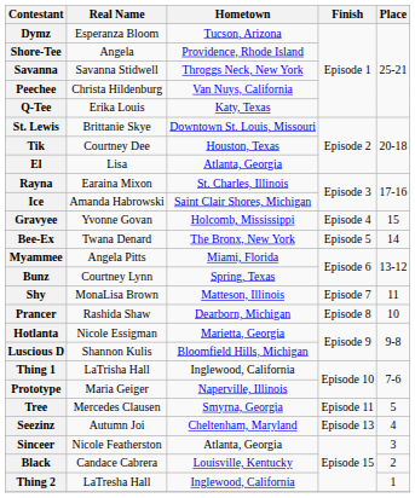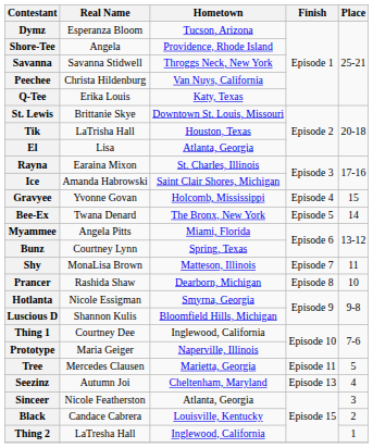 <table class="wikitable sortable" style="text-align:center;">
 <tr>
 <th>Contestant</th>
 <th>Real Name</th>
 <th>Hometown</th>
 <th>Finish</th>
 <th>Place</th>
 </tr>
 <tr>
 <th>Dymz</th>
 <td nowrap>Esperanza Bloom</td>
 <td><a href='#'>Tucson, Arizona</a></td>
 <td rowspan="5">Episode 1</td>
 <td rowspan="5">25-21</td>
 </tr>
 <tr>
 <th>Shore-Tee</th>
 <td>Angela</td>
 <td><a href='#'>Providence, Rhode Island</a></td>
 </tr>
 <tr>
 <th>Savanna</th>
 <td>Savanna Stidwell</td>
 <td><a href='#'>Throggs Neck, New York</a></td>
 </tr>
 <tr>
 <th>Peechee</th>
 <td>Christa Hildenburg</td>
 <td><a href='#'>Van Nuys, California</a></td>
 </tr>
 <tr>
 <th>Q-Tee</th>
 <td>Erika Louis</td>
 <td><a href='#'>Katy, Texas</a></td>
 </tr>
 <tr>
 <th>St. Lewis</th>
 <td>Brittanie Skye</td>
 <td><a href='#'>Downtown St. Louis, Missouri</a></td>
 <td rowspan="3">Episode 2</td>
 <td rowspan="3">20-18</td>
 </tr>
 <tr>
 <th>Tik</th>
-<td>Courtney Dee</td>
+<td>LaTrisha Hall</td>
 <td><a href='#'>Houston, Texas</a></td>
 </tr>
 <tr>
 <th>El</th>
 <td>Lisa</td>
 <td><a href='#'>Atlanta, Georgia</a></td>
 </tr>
 <tr>
 <th>Rayna</th>
 <td>Earaina Mixon</td>
 <td><a href='#'>St. Charles, Illinois</a></td>
 <td rowspan="2">Episode 3</td>
 <td rowspan="2">17-16</td>
 </tr>
 <tr>
 <th>Ice</th>
 <td>Amanda Habrowski</td>
 <td><a href='#'>Saint Clair Shores, Michigan</a></td>
 </tr>
 <tr>
 <th>Gravyee</th>
 <td>Yvonne Govan</td>
 <td><a href='#'>Holcomb, Mississippi</a></td>
 <td>Episode 4</td>
 <td>15</td>
 </tr>
 <tr>
 <th>Bee-Ex</th>
 <td>Twana Denard</td>
 <td><a href='#'>The Bronx, New York</a></td>
 <td>Episode 5</td>
 <td>14</td>
 </tr>
 <tr>
 <th>Myammee</th>
 <td>Angela Pitts</td>
 <td><a href='#'>Miami, Florida</a></td>
 <td rowspan="2">Episode 6</td>
 <td rowspan="2">13-12</td>
 </tr>
 <tr>
 <th>Bunz</th>
 <td>Courtney Lynn</td>
 <td><a href='#'>Spring, Texas</a></td>
 </tr>
 <tr>
 <th>Shy</th>
 <td nowrap>MonaLisa Brown</td>
 <td><a href='#'>Matteson, Illinois</a></td>
 <td nowrap>Episode 7</td>
 <td>11</td>
 </tr>
 <tr>
 <th>Prancer</th>
 <td>Rashida Shaw</td>
 <td><a href='#'>Dearborn, Michigan</a></td>
 <td>Episode 8</td>
 <td>10</td>
 </tr>
 <tr>
 <th>Hotlanta</th>
 <td>Nicole Essigman</td>
-<td><a href='#'>Marietta, Georgia</a></td>
+<td><a href='#'>Smyrna, Georgia</a></td>
 <td rowspan="2">Episode 9</td>
 <td rowspan="2">9-8</td>
 </tr>
 <tr>
 <th>Luscious D</th>
 <td>Shannon Kulis</td>
 <td nowrap><a href='#'>Bloomfield Hills, Michigan</a></td>
 </tr>
 <tr>
 <th>Thing 1</th>
-<td>LaTrisha Hall</td>
+<td>Courtney Dee</td>
 <td>Inglewood, California</td>
 <td rowspan="2">Episode 10</td>
 <td rowspan="2">7-6</td>
 </tr>
 <tr>
 <th>Prototype</th>
 <td>Maria Geiger</td>
 <td><a href='#'>Naperville, Illinois</a></td>
 </tr>
 <tr>
 <th>Tree</th>
 <td>Mercedes Clausen</td>
-<td><a href='#'>Smyrna, Georgia</a></td>
+<td><a href='#'>Marietta, Georgia</a></td>
 <td>Episode 11</td>
 <td>5</td>
 </tr>
 <tr>
 <th>Seezinz</th>
 <td>Autumn Joi</td>
 <td><a href='#'>Cheltenham, Maryland</a></td>
 <td>Episode 13</td>
 <td>4</td>
 </tr>
 <tr>
 <th>Sinceer</th>
 <td>Nicole Featherston</td>
 <td>Atlanta, Georgia</td>
 <td rowspan="3">Episode 15</td>
 <td>3</td>
 </tr>
 <tr>
 <th>Black</th>
 <td>Candace Cabrera</td>
 <td><a href='#'>Louisville, Kentucky</a></td>
 <td>2</td>
 </tr>
 <tr>
 <th>Thing 2</th>
 <td>LaTresha Hall</td>
 <td><a href='#'>Inglewood, California</a></td>
 <td>1</td>
 </tr>
 <tr>
 </tr>
 </table>
